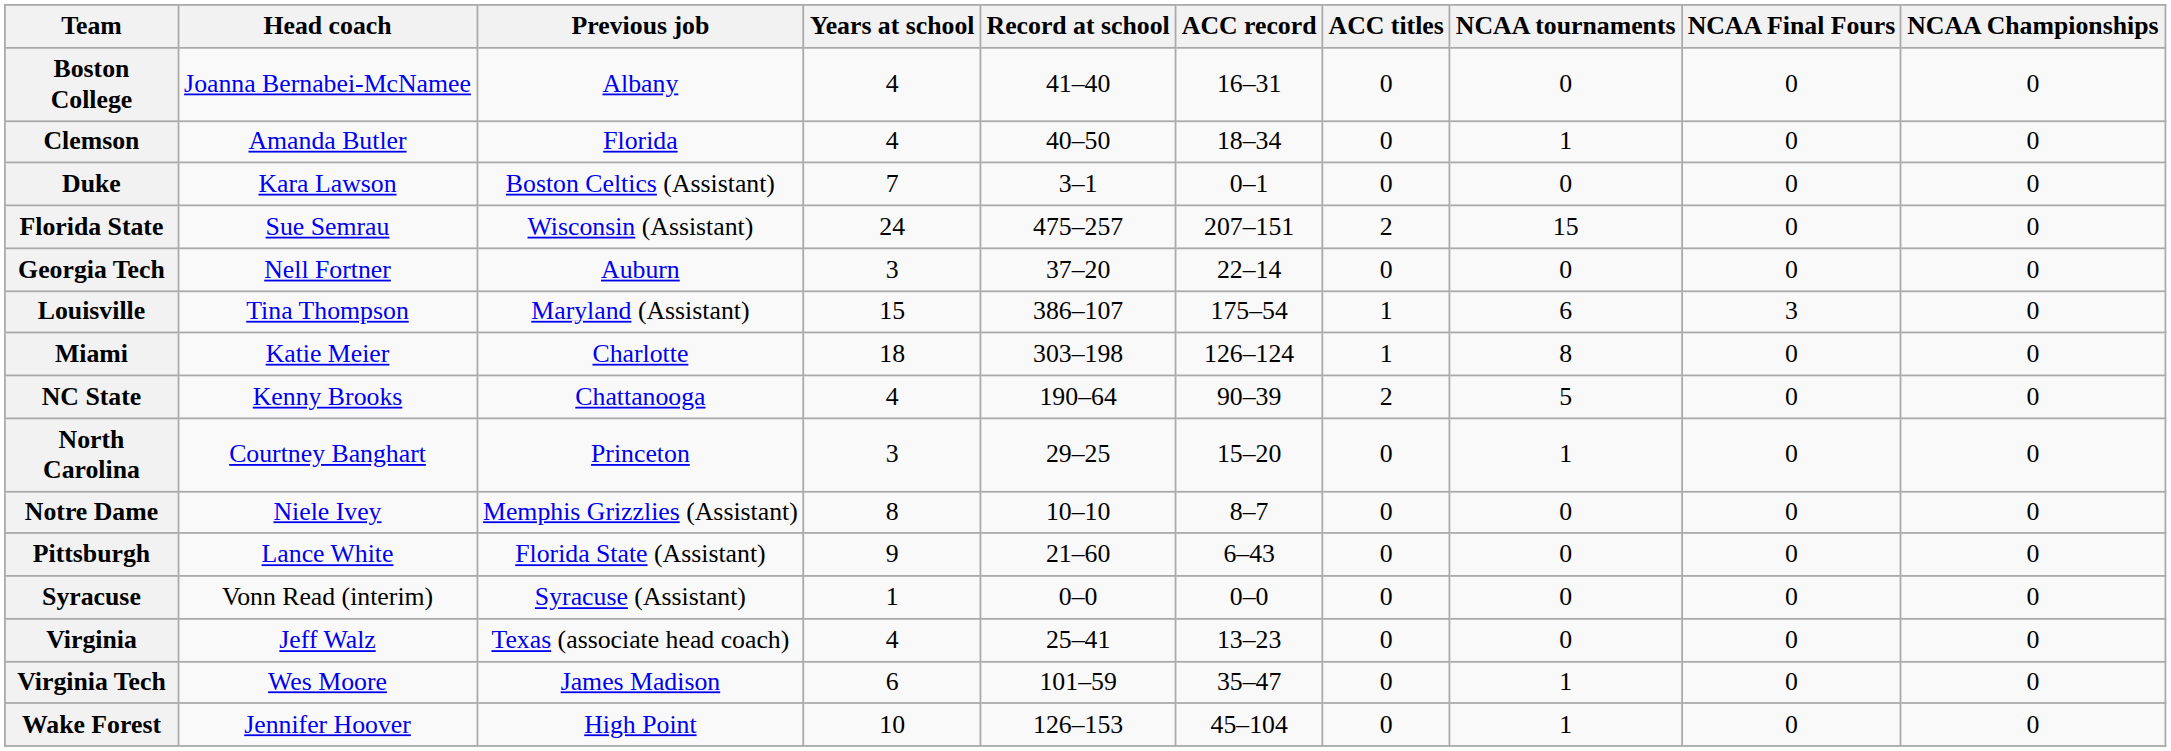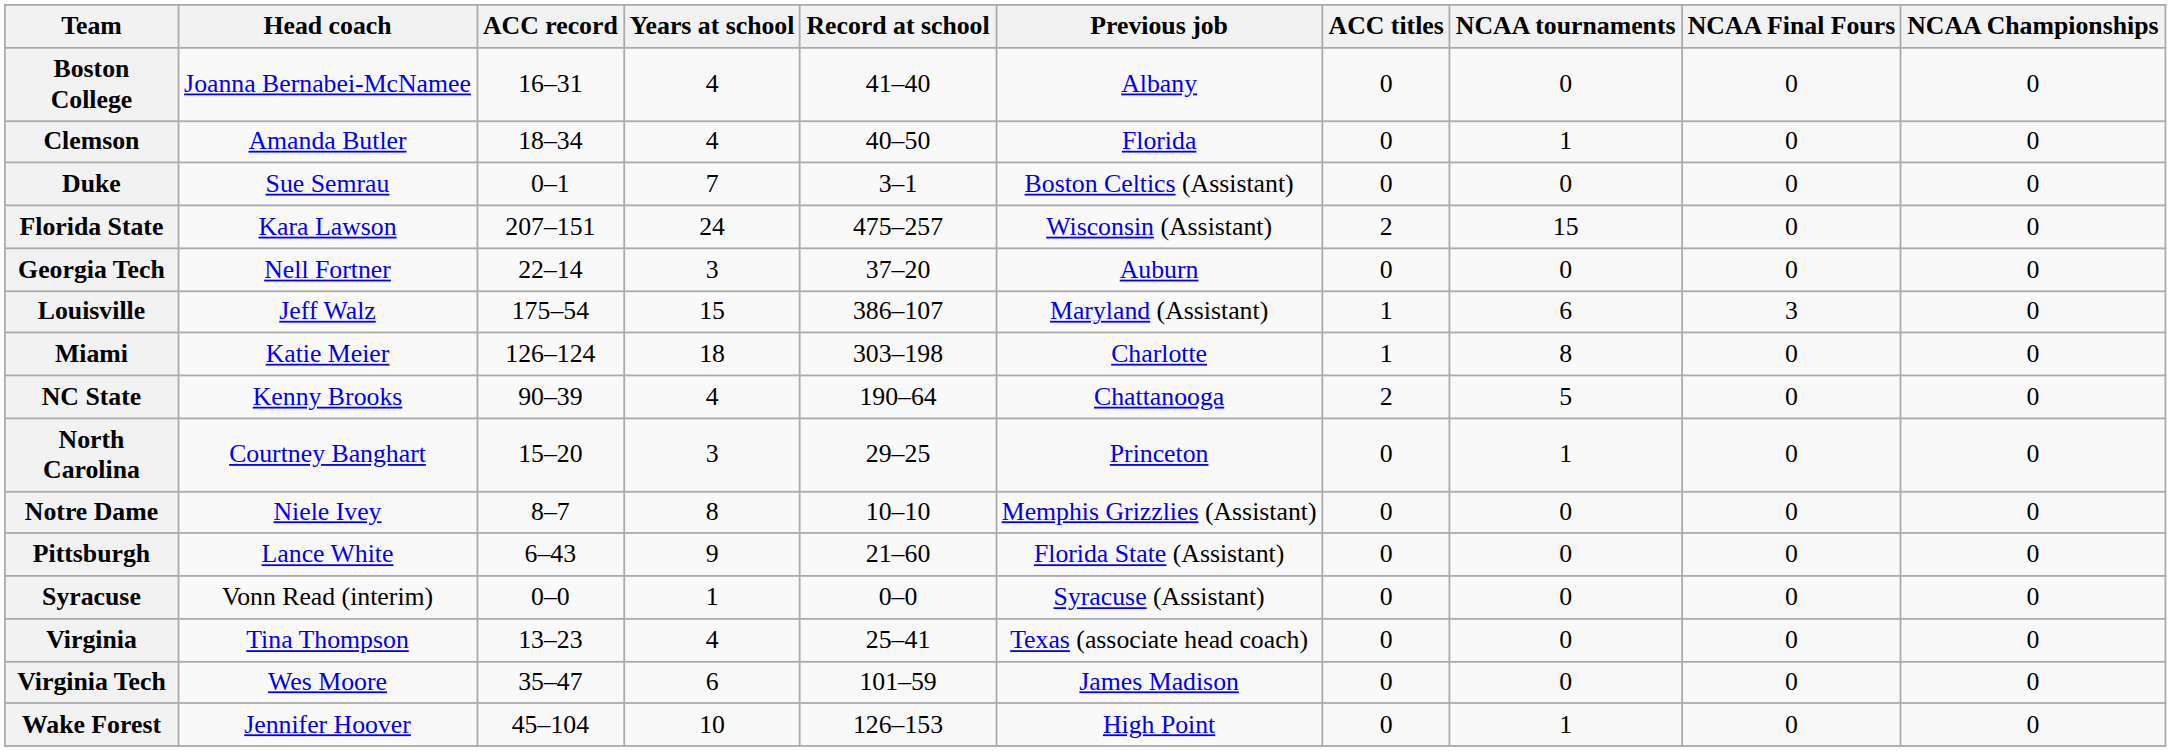 <table class="wikitable sortable" style="text-align: center;font-size:90%;">
 <tr>
 <th width="90">Team</th>
 <th>Head coach</th>
-<th>Previous job</th>
+<th>ACC record</th>
 <th>Years at school</th>
 <th>Record at school</th>
-<th>ACC record</th>
+<th>Previous job</th>
 <th>ACC titles</th>
 <th>NCAA tournaments</th>
 <th>NCAA Final Fours</th>
 <th>NCAA Championships</th>
 </tr>
 <tr>
 <th style=>Boston College</th>
 <td><a href='#'>Joanna Bernabei-McNamee</a></td>
-<td><a href='#'>Albany</a></td>
+<td>16–31</td>
 <td>4</td>
 <td>41–40</td>
-<td>16–31</td>
+<td><a href='#'>Albany</a></td>
 <td>0</td>
 <td>0</td>
 <td>0</td>
 <td>0</td>
 </tr>
 <tr>
 <th>Clemson</th>
 <td><a href='#'>Amanda Butler</a></td>
-<td><a href='#'>Florida</a></td>
+<td>18–34</td>
 <td>4</td>
 <td>40–50</td>
-<td>18–34</td>
+<td><a href='#'>Florida</a></td>
 <td>0</td>
 <td>1</td>
 <td>0</td>
 <td>0</td>
 </tr>
 <tr>
 <th>Duke</th>
-<td><a href='#'>Kara Lawson</a></td>
-<td><a href='#'>Boston Celtics</a> (Assistant)</td>
+<td><a href='#'>Sue Semrau</a></td>
+<td>0–1</td>
 <td>7</td>
 <td>3–1</td>
-<td>0–1</td>
+<td><a href='#'>Boston Celtics</a> (Assistant)</td>
 <td>0</td>
 <td>0</td>
 <td>0</td>
 <td>0</td>
 </tr>
 <tr>
 <th style=>Florida State</th>
-<td><a href='#'>Sue Semrau</a></td>
-<td><a href='#'>Wisconsin</a> (Assistant)</td>
+<td><a href='#'>Kara Lawson</a></td>
+<td>207–151</td>
 <td>24</td>
 <td>475–257</td>
-<td>207–151</td>
+<td><a href='#'>Wisconsin</a> (Assistant)</td>
 <td>2</td>
 <td>15</td>
 <td>0</td>
 <td>0</td>
 </tr>
 <tr>
 <th>Georgia Tech</th>
 <td><a href='#'>Nell Fortner</a></td>
-<td><a href='#'>Auburn</a></td>
+<td>22–14</td>
 <td>3</td>
 <td>37–20</td>
-<td>22–14</td>
+<td><a href='#'>Auburn</a></td>
 <td>0</td>
 <td>0</td>
 <td>0</td>
 <td>0</td>
 </tr>
 <tr>
 <th>Louisville</th>
-<td><a href='#'>Tina Thompson</a></td>
-<td><a href='#'>Maryland</a> (Assistant)</td>
+<td><a href='#'>Jeff Walz</a></td>
+<td>175–54</td>
 <td>15</td>
 <td>386–107</td>
-<td>175–54</td>
+<td><a href='#'>Maryland</a> (Assistant)</td>
 <td>1</td>
 <td>6</td>
 <td>3</td>
 <td>0</td>
 </tr>
 <tr>
 <th>Miami</th>
 <td><a href='#'>Katie Meier</a></td>
-<td><a href='#'>Charlotte</a></td>
+<td>126–124</td>
 <td>18</td>
 <td>303–198</td>
-<td>126–124</td>
+<td><a href='#'>Charlotte</a></td>
 <td>1</td>
 <td>8</td>
 <td>0</td>
 <td>0</td>
 </tr>
 <tr>
 <th>NC State</th>
 <td><a href='#'>Kenny Brooks</a></td>
-<td><a href='#'>Chattanooga</a></td>
+<td>90–39</td>
 <td>4</td>
 <td>190–64</td>
-<td>90–39</td>
+<td><a href='#'>Chattanooga</a></td>
 <td>2</td>
 <td>5</td>
 <td>0</td>
 <td>0</td>
 </tr>
 <tr>
 <th>North Carolina</th>
 <td><a href='#'>Courtney Banghart</a></td>
-<td><a href='#'>Princeton</a></td>
+<td>15–20</td>
 <td>3</td>
 <td>29–25</td>
-<td>15–20</td>
+<td><a href='#'>Princeton</a></td>
 <td>0</td>
 <td>1</td>
 <td>0</td>
 <td>0</td>
 </tr>
 <tr>
 <th style=>Notre Dame</th>
 <td><a href='#'>Niele Ivey</a></td>
-<td><a href='#'>Memphis Grizzlies</a> (Assistant)</td>
+<td>8–7</td>
 <td>8</td>
 <td>10–10</td>
-<td>8–7</td>
+<td><a href='#'>Memphis Grizzlies</a> (Assistant)</td>
 <td>0</td>
 <td>0</td>
 <td>0</td>
 <td>0</td>
 </tr>
 <tr>
 <th style=>Pittsburgh</th>
 <td><a href='#'>Lance White</a></td>
-<td><a href='#'>Florida State</a> (Assistant)</td>
+<td>6–43</td>
 <td>9</td>
 <td>21–60</td>
-<td>6–43</td>
+<td><a href='#'>Florida State</a> (Assistant)</td>
 <td>0</td>
 <td>0</td>
 <td>0</td>
 <td>0</td>
 </tr>
 <tr>
 <th style=>Syracuse</th>
 <td>Vonn Read (interim)</td>
-<td><a href='#'>Syracuse</a> (Assistant)</td>
+<td>0–0</td>
 <td>1</td>
 <td>0–0</td>
-<td>0–0</td>
+<td><a href='#'>Syracuse</a> (Assistant)</td>
 <td>0</td>
 <td>0</td>
 <td>0</td>
 <td>0</td>
 </tr>
 <tr>
 <th>Virginia</th>
-<td><a href='#'>Jeff Walz</a></td>
-<td><a href='#'>Texas</a> (associate head coach)</td>
+<td><a href='#'>Tina Thompson</a></td>
+<td>13–23</td>
 <td>4</td>
 <td>25–41</td>
-<td>13–23</td>
+<td><a href='#'>Texas</a> (associate head coach)</td>
 <td>0</td>
 <td>0</td>
 <td>0</td>
 <td>0</td>
 </tr>
 <tr>
 <th>Virginia Tech</th>
 <td><a href='#'>Wes Moore</a></td>
-<td><a href='#'>James Madison</a></td>
+<td>35–47</td>
 <td>6</td>
 <td>101–59</td>
-<td>35–47</td>
+<td><a href='#'>James Madison</a></td>
 <td>0</td>
-<td>1</td>
+<td>0</td>
 <td>0</td>
 <td>0</td>
 </tr>
 <tr>
 <th style=>Wake Forest</th>
 <td><a href='#'>Jennifer Hoover</a></td>
-<td><a href='#'>High Point</a></td>
+<td>45–104</td>
 <td>10</td>
 <td>126–153</td>
-<td>45–104</td>
+<td><a href='#'>High Point</a></td>
 <td>0</td>
 <td>1</td>
 <td>0</td>
 <td>0</td>
 </tr>
 </table>
